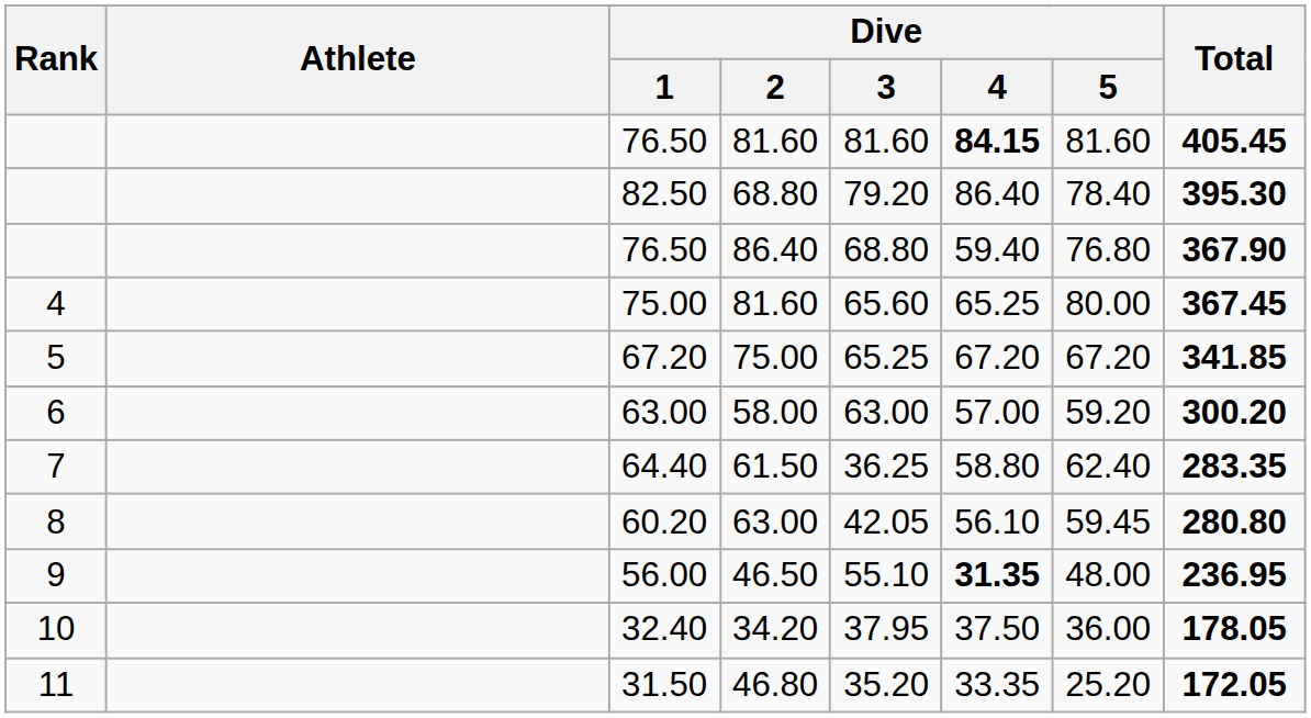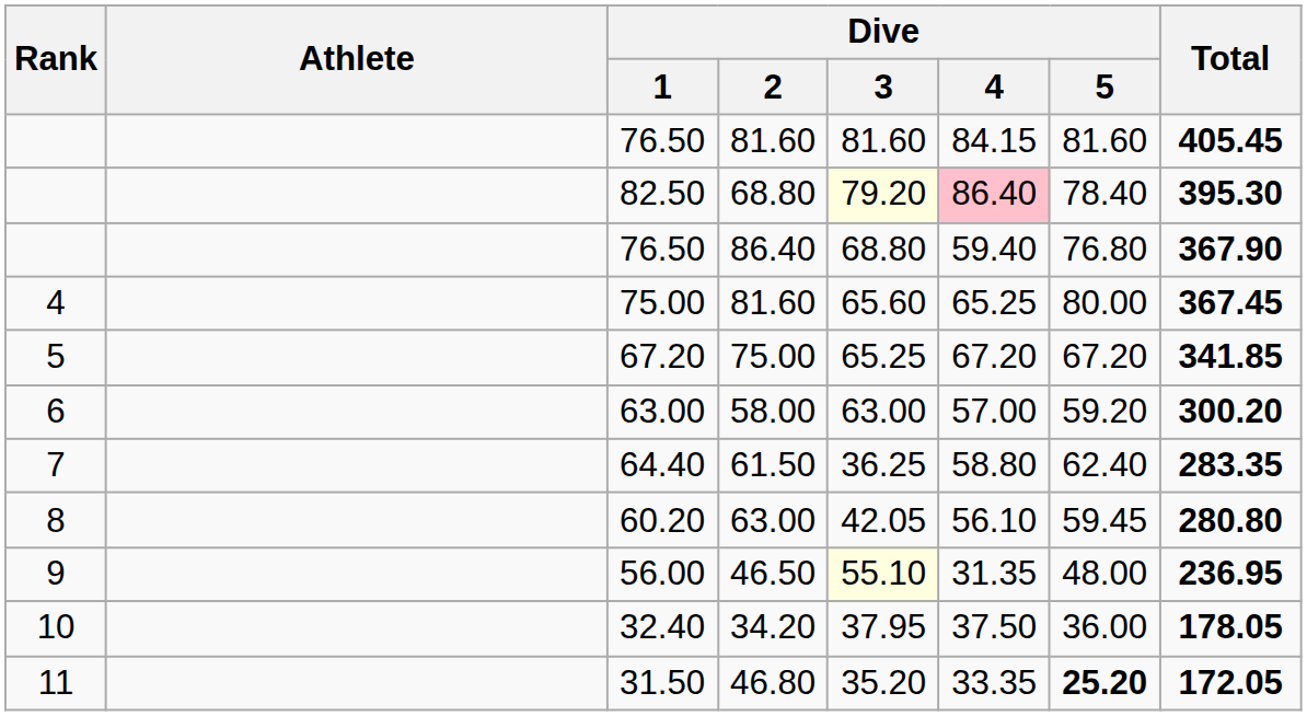 <table class=wikitable style="text-align:center">
 <tr>
 <th rowspan="2" width=40>Rank</th>
 <th rowspan="2" width=250>Athlete</th>
 <th colspan="5">Dive</th>
 <th rowspan="2" width=60>Total</th>
 </tr>
 <tr>
 <th width=45>1</th>
 <th width=45>2</th>
 <th width=45>3</th>
 <th width=45>4</th>
 <th width=45>5</th>
 </tr>
 <tr>
 <td></td>
 <td align=left></td>
 <td>76.50</td>
 <td>81.60</td>
 <td>81.60</td>
-<td><strong>84.15</strong></td>
+<td>84.15</td>
 <td>81.60</td>
 <td><strong>405.45</strong></td>
 </tr>
 <tr>
 <td></td>
 <td align=left></td>
 <td>82.50</td>
 <td>68.80</td>
-<td>79.20</td>
-<td>86.40</td>
+<td style="background: lightyellow;">79.20</td>
+<td style="background: pink;">86.40</td>
 <td>78.40</td>
 <td><strong>395.30</strong></td>
 </tr>
 <tr>
 <td></td>
 <td align=left></td>
 <td>76.50</td>
 <td>86.40</td>
 <td>68.80</td>
 <td>59.40</td>
 <td>76.80</td>
 <td><strong>367.90</strong></td>
 </tr>
 <tr>
 <td>4</td>
 <td align=left></td>
 <td>75.00</td>
 <td>81.60</td>
 <td>65.60</td>
 <td>65.25</td>
 <td>80.00</td>
 <td><strong>367.45</strong></td>
 </tr>
 <tr>
 <td>5</td>
 <td align=left></td>
 <td>67.20</td>
 <td>75.00</td>
 <td>65.25</td>
 <td>67.20</td>
 <td>67.20</td>
 <td><strong>341.85</strong></td>
 </tr>
 <tr>
 <td>6</td>
 <td align=left></td>
 <td>63.00</td>
 <td>58.00</td>
 <td>63.00</td>
 <td>57.00</td>
 <td>59.20</td>
 <td><strong>300.20</strong></td>
 </tr>
 <tr>
 <td>7</td>
 <td align=left></td>
 <td>64.40</td>
 <td>61.50</td>
 <td>36.25</td>
 <td>58.80</td>
 <td>62.40</td>
 <td><strong>283.35</strong></td>
 </tr>
 <tr>
 <td>8</td>
 <td align=left></td>
 <td>60.20</td>
 <td>63.00</td>
 <td>42.05</td>
 <td>56.10</td>
 <td>59.45</td>
 <td><strong>280.80</strong></td>
 </tr>
 <tr>
 <td>9</td>
 <td align=left></td>
 <td>56.00</td>
 <td>46.50</td>
-<td>55.10</td>
-<td><strong>31.35</strong></td>
+<td style="background: lightyellow;">55.10</td>
+<td>31.35</td>
 <td>48.00</td>
 <td><strong>236.95</strong></td>
 </tr>
 <tr>
 <td>10</td>
 <td align=left></td>
 <td>32.40</td>
 <td>34.20</td>
 <td>37.95</td>
 <td>37.50</td>
 <td>36.00</td>
 <td><strong>178.05</strong></td>
 </tr>
 <tr>
 <td>11</td>
 <td align=left></td>
 <td>31.50</td>
 <td>46.80</td>
 <td>35.20</td>
 <td>33.35</td>
-<td>25.20</td>
+<td><strong>25.20</strong></td>
 <td><strong>172.05</strong></td>
 </tr>
 </table>
